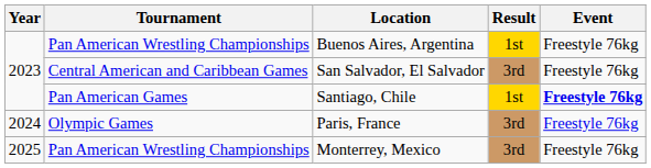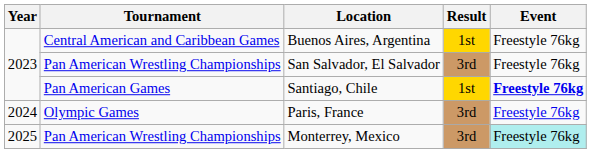 <table class="wikitable" style="font-size:95%;">
 <tr>
 <th>Year</th>
 <th>Tournament</th>
 <th>Location</th>
 <th>Result</th>
 <th>Event</th>
 </tr>
 <tr>
 <td rowspan=3>2023</td>
-<td><a href='#'>Pan American Wrestling Championships</a></td>
+<td><a href='#'>Central American and Caribbean Games</a></td>
 <td>Buenos Aires, Argentina</td>
 <td align="center" bgcolor="gold">1st</td>
 <td>Freestyle 76kg</td>
 </tr>
 <tr>
-<td><a href='#'>Central American and Caribbean Games</a></td>
+<td><a href='#'>Pan American Wrestling Championships</a></td>
 <td>San Salvador, El Salvador</td>
 <td align="center" bgcolor="cc9966">3rd</td>
 <td>Freestyle 76kg</td>
 </tr>
 <tr>
 <td><a href='#'>Pan American Games</a></td>
 <td>Santiago, Chile</td>
 <td align="center" bgcolor="gold">1st</td>
 <td><strong><a href='#'>Freestyle 76kg</a></strong></td>
 </tr>
 <tr>
 <td>2024</td>
 <td><a href='#'>Olympic Games</a></td>
 <td>Paris, France</td>
 <td align="center" bgcolor="cc9966">3rd</td>
 <td><a href='#'>Freestyle 76kg</a></td>
 </tr>
 <tr>
 <td>2025</td>
 <td><a href='#'>Pan American Wrestling Championships</a></td>
 <td>Monterrey, Mexico</td>
 <td align="center" bgcolor="cc9966">3rd</td>
-<td>Freestyle 76kg</td>
+<td style="background: paleturquoise;">Freestyle 76kg</td>
 </tr>
 </table>
